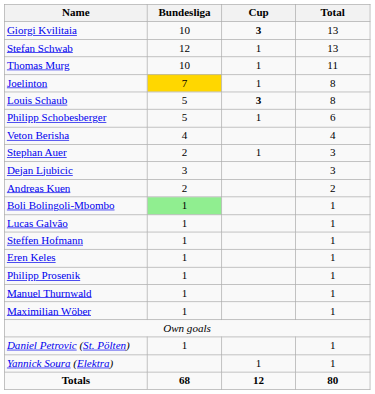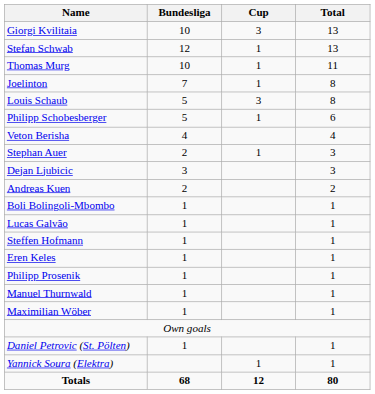 <table class="wikitable sortable" style="text-align: center;">
 <tr>
 <th class="unsortable" width=200>Name</th>
 <th width=100>Bundesliga</th>
 <th width=100>Cup</th>
 <th width=100><strong>Total</strong></th>
 </tr>
 <tr>
 <td align="left"> <a href='#'>Giorgi Kvilitaia</a></td>
 <td>10</td>
-<td><strong>3</strong></td>
+<td>3</td>
 <td>13</td>
 </tr>
 <tr>
 <td align="left"> <a href='#'>Stefan Schwab</a></td>
 <td>12</td>
 <td>1</td>
 <td>13</td>
 </tr>
 <tr>
 <td align="left"> <a href='#'>Thomas Murg</a></td>
 <td>10</td>
 <td>1</td>
 <td>11</td>
 </tr>
 <tr>
 <td align="left"> <a href='#'>Joelinton</a></td>
-<td style="background: gold;">7</td>
+<td>7</td>
 <td>1</td>
 <td>8</td>
 </tr>
 <tr>
 <td align="left"> <a href='#'>Louis Schaub</a></td>
 <td>5</td>
-<td><strong>3</strong></td>
+<td>3</td>
 <td>8</td>
 </tr>
 <tr>
 <td align="left"> <a href='#'>Philipp Schobesberger</a></td>
 <td>5</td>
 <td>1</td>
 <td>6</td>
 </tr>
 <tr>
 <td align="left"> <a href='#'>Veton Berisha</a></td>
 <td>4</td>
 <td></td>
 <td>4</td>
 </tr>
 <tr>
 <td align="left"> <a href='#'>Stephan Auer</a></td>
 <td>2</td>
 <td>1</td>
 <td>3</td>
 </tr>
 <tr>
 <td align="left"> <a href='#'>Dejan Ljubicic</a></td>
 <td>3</td>
 <td></td>
 <td>3</td>
 </tr>
 <tr>
 <td align="left"> <a href='#'>Andreas Kuen</a></td>
 <td>2</td>
 <td></td>
 <td>2</td>
 </tr>
 <tr>
 <td align="left"> <a href='#'>Boli Bolingoli-Mbombo</a></td>
-<td style="background: lightgreen;">1</td>
+<td>1</td>
 <td></td>
 <td>1</td>
 </tr>
 <tr>
 <td align="left"> <a href='#'>Lucas Galvão</a></td>
 <td>1</td>
 <td></td>
 <td>1</td>
 </tr>
 <tr>
 <td align="left"> <a href='#'>Steffen Hofmann</a></td>
 <td>1</td>
 <td></td>
 <td>1</td>
 </tr>
 <tr>
 <td align="left"> <a href='#'>Eren Keles</a></td>
 <td>1</td>
 <td></td>
 <td>1</td>
 </tr>
 <tr>
 <td align="left"> <a href='#'>Philipp Prosenik</a></td>
 <td>1</td>
 <td></td>
 <td>1</td>
 </tr>
 <tr>
 <td align="left"> <a href='#'>Manuel Thurnwald</a></td>
 <td>1</td>
 <td></td>
 <td>1</td>
 </tr>
 <tr>
 <td align="left"> <a href='#'>Maximilian Wöber</a></td>
 <td>1</td>
 <td></td>
 <td>1</td>
 </tr>
 <tr class="sortbottom">
 <td colspan="4"><em>Own goals</em></td>
 </tr>
 <tr class="sortbottom">
 <td align="left"> <em><a href='#'>Daniel Petrovic</a> (<a href='#'>St. Pölten</a>)</em></td>
 <td>1</td>
 <td></td>
 <td>1</td>
 </tr>
 <tr class="sortbottom">
 <td align="left"> <em><a href='#'>Yannick Soura</a> (<a href='#'>Elektra</a>)</em></td>
 <td></td>
 <td>1</td>
 <td>1</td>
 </tr>
 <tr class="sortbottom">
 <td><strong>Totals</strong></td>
 <td><strong>68</strong></td>
 <td><strong>12</strong></td>
 <td><strong>80</strong></td>
 </tr>
 </table>
